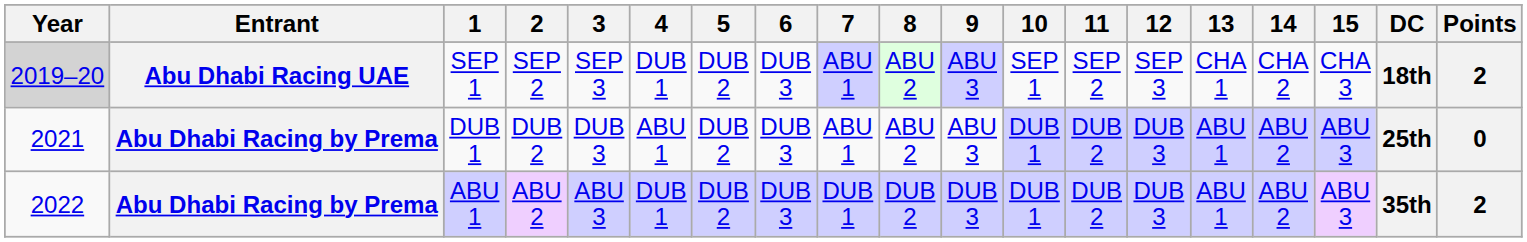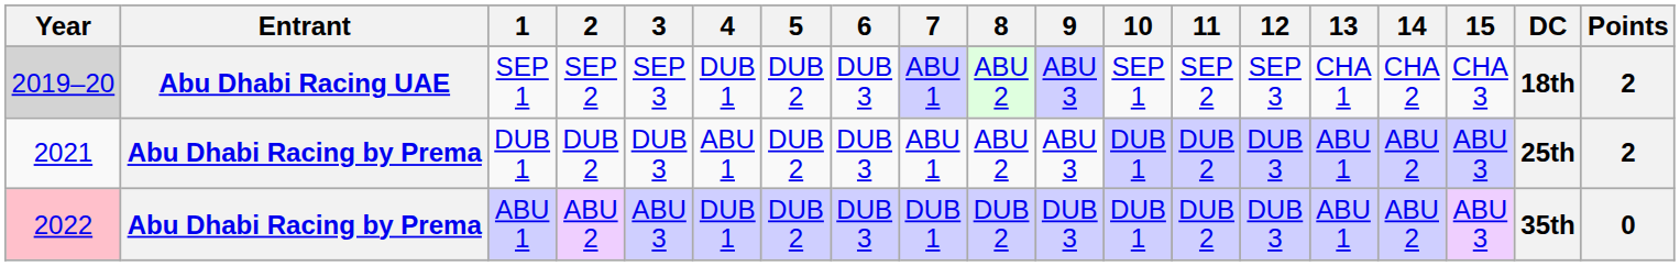 <table class="wikitable" style="text-align:center; font-size:85%">
 <tr>
 <th>Year</th>
 <th>Entrant</th>
 <th>1</th>
 <th>2</th>
 <th>3</th>
 <th>4</th>
 <th>5</th>
 <th>6</th>
 <th>7</th>
 <th>8</th>
 <th>9</th>
 <th>10</th>
 <th>11</th>
 <th>12</th>
 <th>13</th>
 <th>14</th>
 <th>15</th>
 <th>DC</th>
 <th>Points</th>
 </tr>
 <tr>
 <td nowrap style="background: lightgrey;"><a href='#'>2019–20</a></td>
 <th nowrap><a href='#'>Abu Dhabi Racing UAE</a></th>
 <td style="background:#;"><a href='#'>SEP<br>1</a></td>
 <td style="background:#;"><a href='#'>SEP<br>2</a></td>
 <td style="background:#;"><a href='#'>SEP<br>3</a></td>
 <td style="background:#;"><a href='#'>DUB<br>1</a></td>
 <td style="background:#;"><a href='#'>DUB<br>2</a></td>
 <td style="background:#;"><a href='#'>DUB<br>3</a></td>
 <td style="background:#CFCFFF;"><a href='#'>ABU<br>1</a><br></td>
 <td style="background:#DFFFDF;"><a href='#'>ABU<br>2</a><br></td>
 <td style="background:#CFCFFF;"><a href='#'>ABU<br>3</a><br></td>
 <td style="background:#;"><a href='#'>SEP<br>1</a></td>
 <td style="background:#;"><a href='#'>SEP<br>2</a></td>
 <td style="background:#;"><a href='#'>SEP<br>3</a></td>
 <td style="background:#;"><a href='#'>CHA<br>1</a></td>
 <td style="background:#;"><a href='#'>CHA<br>2</a></td>
 <td style="background:#;"><a href='#'>CHA<br>3</a></td>
 <th>18th</th>
 <th>2</th>
 </tr>
 <tr>
 <td><a href='#'>2021</a></td>
 <th nowrap><a href='#'>Abu Dhabi Racing by Prema</a></th>
 <td style="background:#;"><a href='#'>DUB<br>1</a></td>
 <td style="background:#;"><a href='#'>DUB<br>2</a></td>
 <td style="background:#;"><a href='#'>DUB<br>3</a></td>
 <td style="background:#;"><a href='#'>ABU<br>1</a></td>
 <td style="background:#;"><a href='#'>DUB<br>2</a></td>
 <td style="background:#;"><a href='#'>DUB<br>3</a></td>
 <td style="background:#;"><a href='#'>ABU<br>1</a></td>
 <td style="background:#;"><a href='#'>ABU<br>2</a></td>
 <td style="background:#;"><a href='#'>ABU<br>3</a></td>
 <td style="background:#CFCFFF;"><a href='#'>DUB<br>1</a><br></td>
 <td style="background:#CFCFFF;"><a href='#'>DUB<br>2</a><br></td>
 <td style="background:#CFCFFF;"><a href='#'>DUB<br>3</a><br></td>
 <td style="background:#CFCFFF;"><a href='#'>ABU<br>1</a><br></td>
 <td style="background:#CFCFFF;"><a href='#'>ABU<br>2</a><br></td>
 <td style="background:#CFCFFF;"><a href='#'>ABU<br>3</a><br></td>
 <th>25th</th>
-<th>0</th>
+<th>2</th>
 </tr>
 <tr>
-<td><a href='#'>2022</a></td>
+<td style="background: pink;"><a href='#'>2022</a></td>
 <th nowrap><a href='#'>Abu Dhabi Racing by Prema</a></th>
 <td style="background:#CFCFFF;"><a href='#'>ABU<br>1</a><br></td>
 <td style="background:#EFCFFF;"><a href='#'>ABU<br>2</a><br></td>
 <td style="background:#CFCFFF;"><a href='#'>ABU<br>3</a><br></td>
 <td style="background:#CFCFFF;"><a href='#'>DUB<br>1</a><br></td>
 <td style="background:#CFCFFF;"><a href='#'>DUB<br>2</a><br></td>
 <td style="background:#CFCFFF;"><a href='#'>DUB<br>3</a><br></td>
 <td style="background:#CFCFFF;"><a href='#'>DUB<br>1</a><br></td>
 <td style="background:#CFCFFF;"><a href='#'>DUB<br>2</a><br></td>
 <td style="background:#CFCFFF;"><a href='#'>DUB<br>3</a><br></td>
 <td style="background:#CFCFFF;"><a href='#'>DUB<br>1</a><br></td>
 <td style="background:#CFCFFF;"><a href='#'>DUB<br>2</a><br></td>
 <td style="background:#CFCFFF;"><a href='#'>DUB<br>3</a><br></td>
 <td style="background:#CFCFFF;"><a href='#'>ABU<br>1</a><br></td>
 <td style="background:#CFCFFF;"><a href='#'>ABU<br>2</a><br></td>
 <td style="background:#EFCFFF;"><a href='#'>ABU<br>3</a><br></td>
 <th>35th</th>
-<th>2</th>
+<th>0</th>
 </tr>
 </table>
